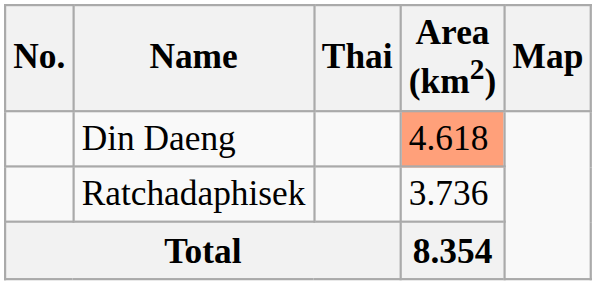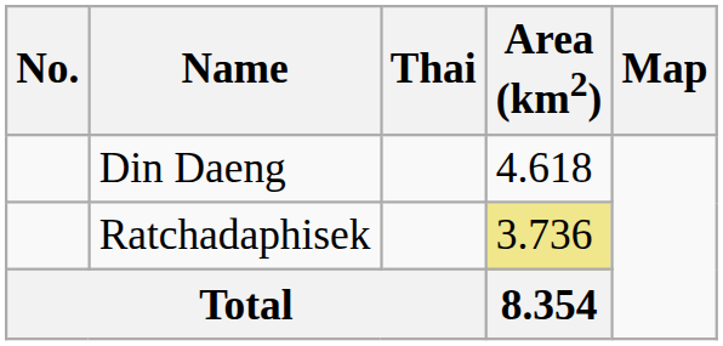 <table class="wikitable sortable">
 <tr>
 <th>No.</th>
 <th>Name</th>
 <th>Thai</th>
 <th>Area<br>(km<sup>2</sup>)</th>
 <th>Map</th>
 </tr>
 <tr>
 <td></td>
 <td>Din Daeng</td>
 <td></td>
-<td style="background: lightsalmon;"><div>4.618</div></td>
+<td><div>4.618</div></td>
 <td rowspan=3></td>
 </tr>
 <tr>
 <td></td>
 <td>Ratchadaphisek</td>
 <td></td>
-<td><div>3.736</div></td>
+<td style="background: khaki;"><div>3.736</div></td>
 </tr>
 <tr>
 <th colspan=3>Total</th>
 <th><div>8.354</div></th>
 </tr>
 </table>
